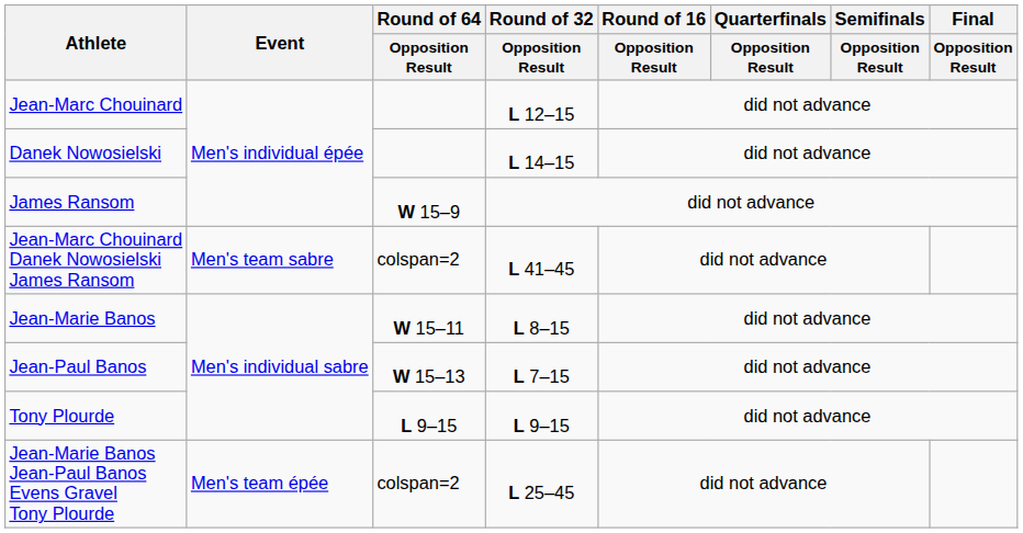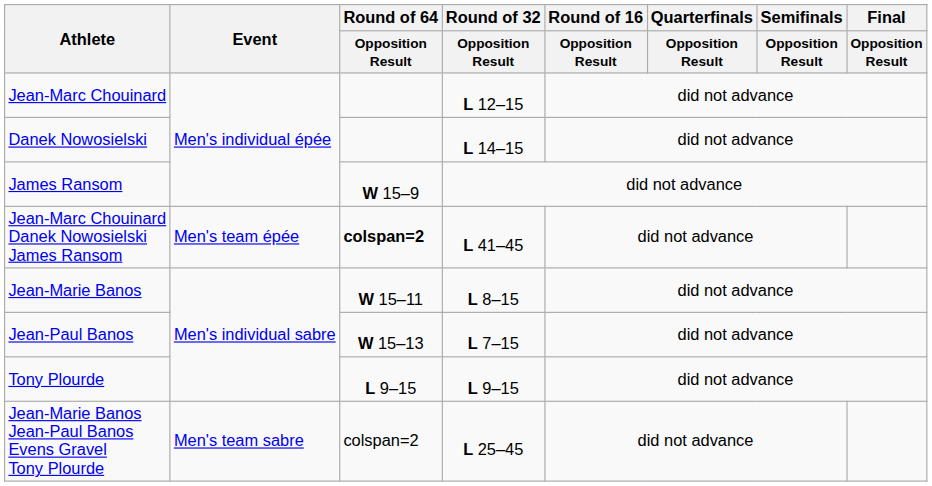 <table class="wikitable" style="font-size:90%;">
 <tr>
 <th rowspan="2">Athlete</th>
 <th rowspan="2">Event</th>
 <th>Round of 64</th>
 <th>Round of 32</th>
 <th>Round of 16</th>
 <th>Quarterfinals</th>
 <th>Semifinals</th>
 <th>Final</th>
 </tr>
 <tr>
 <th style="line-height:1em"><small>Opposition<br>Result</small></th>
 <th style="line-height:1em"><small>Opposition<br>Result</small></th>
 <th style="line-height:1em"><small>Opposition<br>Result</small></th>
 <th style="line-height:1em"><small>Opposition<br>Result</small></th>
 <th style="line-height:1em"><small>Opposition<br>Result</small></th>
 <th style="line-height:1em"><small>Opposition<br>Result</small></th>
 </tr>
 <tr>
 <td><a href='#'>Jean-Marc Chouinard</a></td>
 <td rowspan=3><a href='#'>Men's individual épée</a></td>
 <td></td>
 <td align="center"><br><strong>L</strong> 12–15</td>
 <td align="center" colspan="4">did not advance</td>
 </tr>
 <tr>
 <td><a href='#'>Danek Nowosielski</a></td>
 <td></td>
 <td align="center"><br><strong>L</strong> 14–15</td>
 <td align="center" colspan="4">did not advance</td>
 </tr>
 <tr>
 <td><a href='#'>James Ransom</a></td>
 <td align="center"><br><strong>W</strong> 15–9</td>
 <td align="center" colspan="5">did not advance</td>
 </tr>
 <tr>
 <td><a href='#'>Jean-Marc Chouinard</a><br><a href='#'>Danek Nowosielski</a><br><a href='#'>James Ransom</a></td>
-<td><a href='#'>Men's team sabre</a></td>
-<td>colspan=2 </td>
+<td><a href='#'>Men's team épée</a></td>
+<td><strong>colspan=2 </strong></td>
 <td align="center"><br><strong>L</strong> 41–45</td>
 <td align="center" colspan="3">did not advance</td>
 </tr>
 <tr>
 <td><a href='#'>Jean-Marie Banos</a></td>
 <td rowspan=3><a href='#'>Men's individual sabre</a></td>
 <td align="center"><br><strong>W</strong> 15–11</td>
 <td align="center"><br><strong>L</strong> 8–15</td>
 <td align="center" colspan="4">did not advance</td>
 </tr>
 <tr>
 <td><a href='#'>Jean-Paul Banos</a></td>
 <td align="center"><br><strong>W</strong> 15–13</td>
 <td align="center"><br><strong>L</strong> 7–15</td>
 <td align="center" colspan="4">did not advance</td>
 </tr>
 <tr>
 <td><a href='#'>Tony Plourde</a></td>
 <td align="center"><br><strong>L</strong> 9–15</td>
 <td align="center"><br><strong>L</strong> 9–15</td>
 <td align="center" colspan="4">did not advance</td>
 </tr>
 <tr>
 <td><a href='#'>Jean-Marie Banos</a><br><a href='#'>Jean-Paul Banos</a><br><a href='#'>Evens Gravel</a><br><a href='#'>Tony Plourde</a></td>
-<td><a href='#'>Men's team épée</a></td>
+<td><a href='#'>Men's team sabre</a></td>
 <td>colspan=2 </td>
 <td align="center"><br><strong>L</strong> 25–45</td>
 <td align="center" colspan="3">did not advance</td>
 </tr>
 </table>
